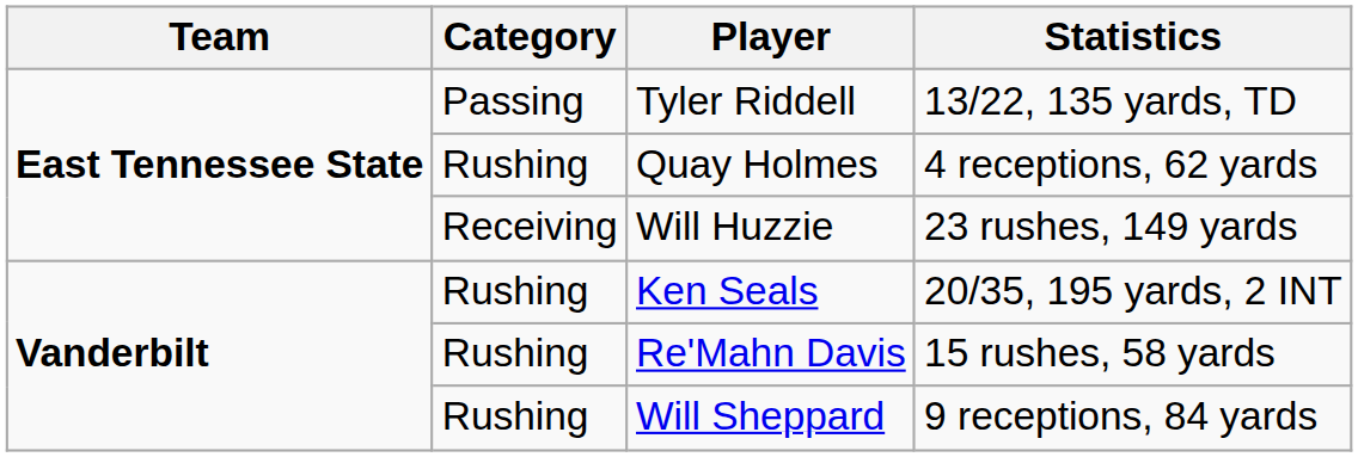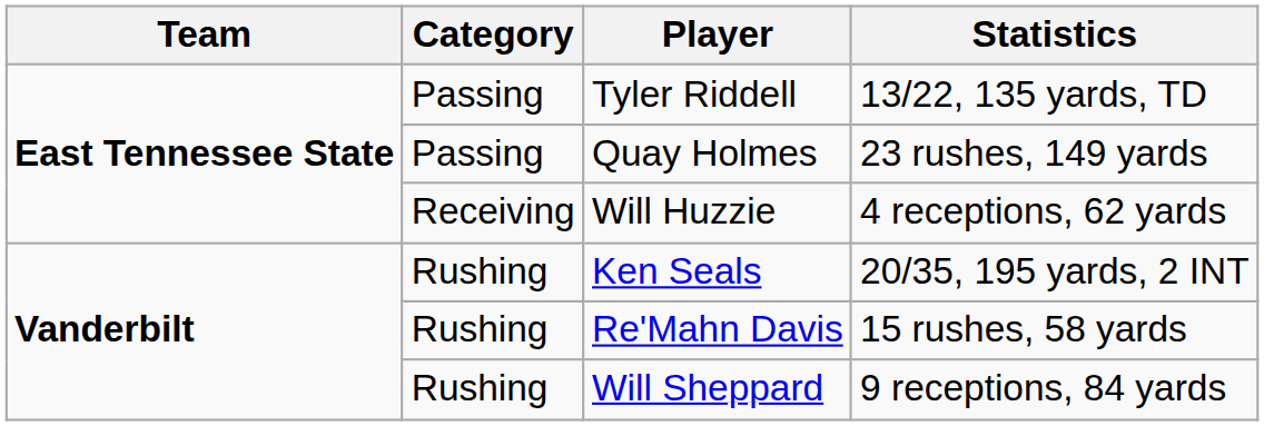 <table class="wikitable" style="float: right;">
 <tr>
 <th>Team</th>
 <th>Category</th>
 <th>Player</th>
 <th>Statistics</th>
 </tr>
 <tr>
 <td rowspan=3><strong>East Tennessee State</strong></td>
 <td>Passing</td>
 <td>Tyler Riddell</td>
 <td>13/22, 135 yards, TD</td>
 </tr>
 <tr>
-<td>Rushing</td>
+<td>Passing</td>
 <td>Quay Holmes</td>
-<td>4 receptions, 62 yards</td>
+<td>23 rushes, 149 yards</td>
 </tr>
 <tr>
 <td>Receiving</td>
 <td>Will Huzzie</td>
-<td>23 rushes, 149 yards</td>
+<td>4 receptions, 62 yards</td>
 </tr>
 <tr>
 <td rowspan=3><strong>Vanderbilt</strong></td>
 <td>Rushing</td>
 <td><a href='#'>Ken Seals</a></td>
 <td>20/35, 195 yards, 2 INT</td>
 </tr>
 <tr>
 <td>Rushing</td>
 <td><a href='#'>Re'Mahn Davis</a></td>
 <td>15 rushes, 58 yards</td>
 </tr>
 <tr>
 <td>Rushing</td>
 <td><a href='#'>Will Sheppard</a></td>
 <td>9 receptions, 84 yards</td>
 </tr>
 </table>
